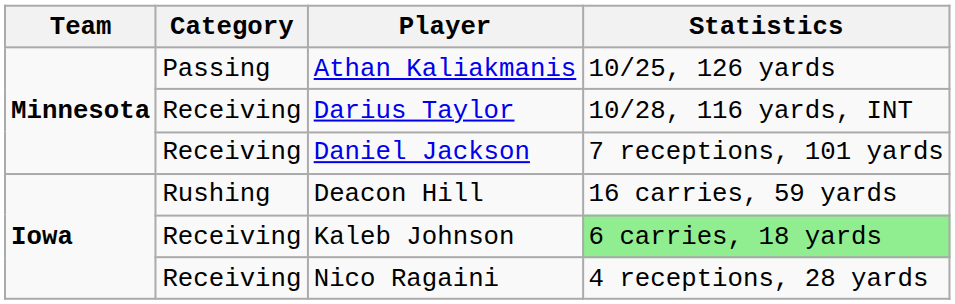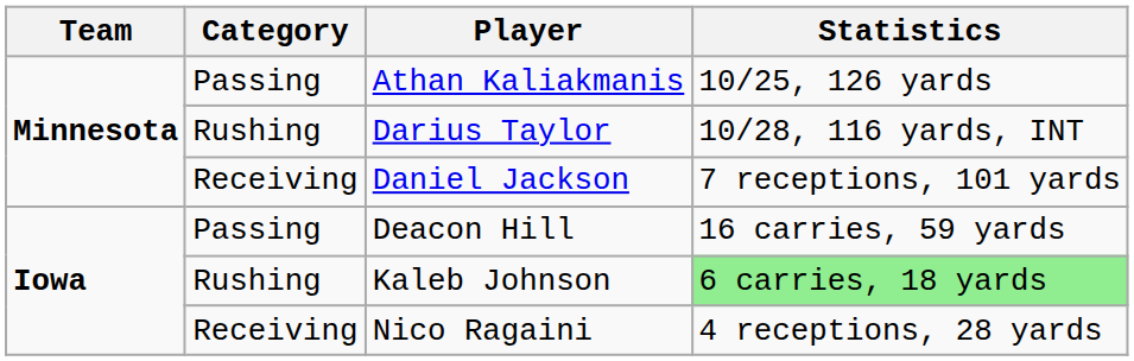 <table class="wikitable" style="float: left;">
 <tr>
 <th>Team</th>
 <th>Category</th>
 <th>Player</th>
 <th>Statistics</th>
 </tr>
 <tr>
 <td rowspan=3><strong>Minnesota</strong></td>
 <td>Passing</td>
 <td><a href='#'>Athan Kaliakmanis</a></td>
 <td>10/25, 126 yards</td>
 </tr>
 <tr>
-<td>Receiving</td>
+<td>Rushing</td>
 <td><a href='#'>Darius Taylor</a></td>
 <td>10/28, 116 yards, INT</td>
 </tr>
 <tr>
 <td>Receiving</td>
 <td><a href='#'>Daniel Jackson</a></td>
 <td>7 receptions, 101 yards</td>
 </tr>
 <tr>
 <td rowspan=3><strong>Iowa</strong></td>
-<td>Rushing</td>
+<td>Passing</td>
 <td>Deacon Hill</td>
 <td>16 carries, 59 yards</td>
 </tr>
 <tr>
-<td>Receiving</td>
+<td>Rushing</td>
 <td>Kaleb Johnson</td>
 <td style="background: lightgreen;">6 carries, 18 yards</td>
 </tr>
 <tr>
 <td>Receiving</td>
 <td>Nico Ragaini</td>
 <td>4 receptions, 28 yards</td>
 </tr>
 </table>
